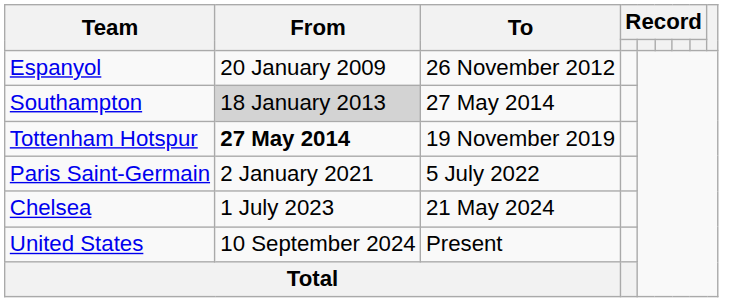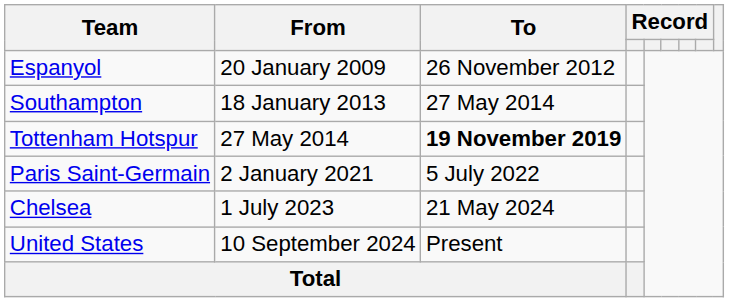 <table class="wikitable" style="text-align: center;">
 <tr>
 <th rowspan=2>Team</th>
 <th rowspan=2>From</th>
 <th rowspan=2>To</th>
 <th colspan=5>Record</th>
 <th rowspan=2></th>
 </tr>
 <tr>
 <th></th>
 <th></th>
 <th></th>
 <th></th>
 <th></th>
 </tr>
 <tr>
 <td align=left><a href='#'>Espanyol</a></td>
 <td align=left>20 January 2009</td>
 <td align=left>26 November 2012<br></td>
 <td></td>
 </tr>
 <tr>
 <td align=left><a href='#'>Southampton</a></td>
-<td align=left style="background: lightgrey;">18 January 2013</td>
+<td align=left>18 January 2013</td>
 <td align=left>27 May 2014<br></td>
 <td></td>
 </tr>
 <tr>
 <td align=left><a href='#'>Tottenham Hotspur</a></td>
-<td align=left><strong>27 May 2014</strong></td>
-<td align=left>19 November 2019<br></td>
+<td align=left>27 May 2014</td>
+<td align=left><strong>19 November 2019<br></strong></td>
 <td></td>
 </tr>
 <tr>
 <td align=left><a href='#'>Paris Saint-Germain</a></td>
 <td align=left>2 January 2021</td>
 <td align=left>5 July 2022<br></td>
 <td></td>
 </tr>
 <tr>
 <td align=left><a href='#'>Chelsea</a></td>
 <td align=left>1 July 2023</td>
 <td align=left>21 May 2024<br></td>
 <td></td>
 </tr>
 <tr>
 <td align=left><a href='#'>United States</a></td>
 <td align=left>10 September 2024</td>
 <td align=left>Present<br></td>
 <td></td>
 </tr>
 <tr>
 <th colspan="3">Total<br></th>
 <th></th>
 </tr>
 </table>
